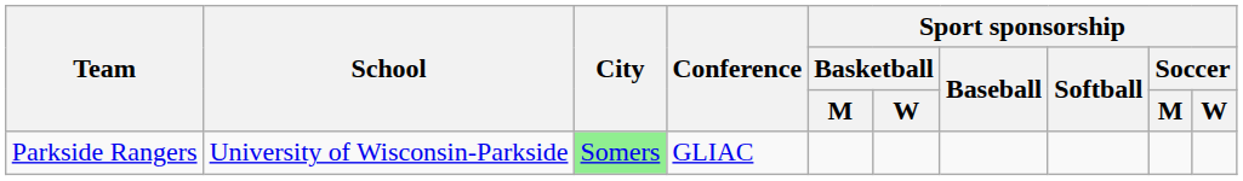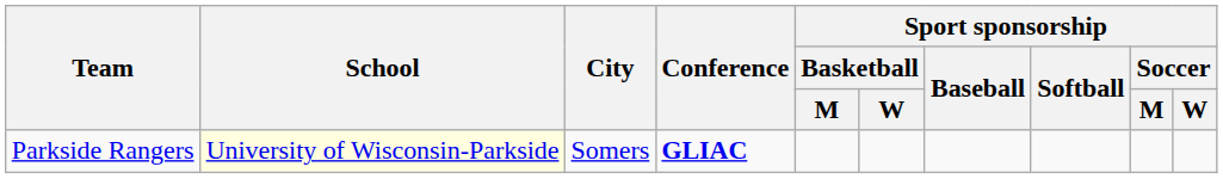 <table class="sortable wikitable">
 <tr>
 <th rowspan=3>Team</th>
 <th rowspan=3>School</th>
 <th rowspan=3>City</th>
 <th rowspan=3>Conference</th>
 <th colspan=6>Sport sponsorship</th>
 </tr>
 <tr>
 <th colspan=2>Basketball</th>
 <th rowspan=2>Baseball</th>
 <th rowspan=2>Softball</th>
 <th colspan=2>Soccer</th>
 </tr>
 <tr>
 <th>M</th>
 <th>W</th>
 <th>M</th>
 <th>W</th>
 </tr>
 <tr>
 <td><a href='#'>Parkside Rangers</a></td>
-<td><a href='#'>University of Wisconsin-Parkside</a></td>
-<td style="background: lightgreen;"><a href='#'>Somers</a></td>
-<td><a href='#'>GLIAC</a></td>
+<td style="background: lightyellow;"><a href='#'>University of Wisconsin-Parkside</a></td>
+<td><a href='#'>Somers</a></td>
+<td><strong><a href='#'>GLIAC</a></strong></td>
 <td></td>
 <td></td>
 <td></td>
 <td></td>
 <td></td>
 <td></td>
 </tr>
 </table>
